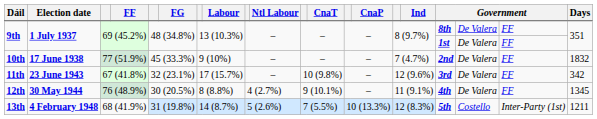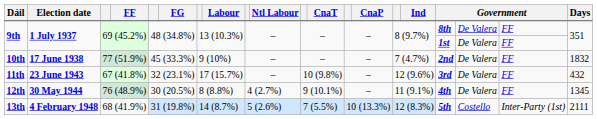 <table class="wikitable" style="font-size:95%;">
 <tr style="text-align: center; background: #efefefefefef; border-bottom: 2px solid gray;">
 <th>Dáil</th>
 <th>Election date</th>
 <th style="background-color: "></th>
 <th><a href='#'>FF</a></th>
 <th style="background-color: "></th>
 <th><a href='#'>FG</a></th>
 <th style="background-color: "></th>
 <th><a href='#'>Labour</a></th>
 <th style="background-color: "></th>
 <th><a href='#'>Ntl Labour</a></th>
 <th style="background-color: "></th>
 <th><a href='#'>CnaT</a></th>
 <th style="background-color: "></th>
 <th><a href='#'>CnaP</a></th>
 <th style="background-color: "></th>
 <th><a href='#'>Ind</a></th>
 <th colspan=3><em>Government</em></th>
 <th>Days</th>
 </tr>
 <tr style="line-height:16px;">
 <td rowspan=2><strong><a href='#'>9th</a></strong></td>
 <td rowspan=2><strong><a href='#'>1 July 1937</a></strong></td>
 <td rowspan=2 colspan=2 style="background-color: #DEFFDE">69 (45.2%)</td>
 <td rowspan=2 colspan=2>48 (34.8%)</td>
 <td rowspan=2 colspan=2>13 (10.3%)</td>
 <td rowspan=2 colspan=2 align=center>–</td>
 <td rowspan=2 colspan=2 align=center>–</td>
 <td rowspan=2 colspan=2 align=center>–</td>
 <td rowspan=2 colspan=2>8 (9.7%)</td>
 <td><a href='#'><strong><em>8th</em></strong></a></td>
 <td><a href='#'><em>De Valera</em></a></td>
 <td><a href='#'><em>FF</em></a></td>
 <td rowspan=2>351</td>
 </tr>
 <tr style="line-height:16px;">
 <td><a href='#'><strong><em>1st</em></strong></a></td>
 <td><em>De Valera</em></td>
 <td><a href='#'><em>FF</em></a></td>
 </tr>
 <tr>
 <td><strong><a href='#'>10th</a></strong></td>
 <td><strong><a href='#'>17 June 1938</a></strong></td>
 <td colspan=2 style="background-color: #D0E8D8">77 (51.9%)</td>
 <td colspan=2>45 (33.3%)</td>
 <td colspan=2>9 (10%)</td>
 <td colspan=2 align=center>–</td>
 <td colspan=2 align=center>–</td>
 <td colspan=2 align=center>–</td>
 <td colspan=2>7 (4.7%)</td>
 <td><a href='#'><strong><em>2nd</em></strong></a></td>
 <td><em>De Valera</em></td>
 <td><a href='#'><em>FF</em></a></td>
 <td>1832</td>
 </tr>
 <tr>
 <td><strong><a href='#'>11th</a></strong></td>
 <td><strong><a href='#'>23 June 1943</a></strong></td>
 <td colspan=2 style="background-color: #DEFFDE">67 (41.8%)</td>
 <td colspan=2>32 (23.1%)</td>
 <td colspan=2>17 (15.7%)</td>
 <td colspan=2 align=center>–</td>
 <td colspan=2>10 (9.8%)</td>
 <td colspan=2 align=center>–</td>
 <td colspan=2>12 (9.6%)</td>
 <td><a href='#'><strong><em>3rd</em></strong></a></td>
 <td><em>De Valera</em></td>
 <td><a href='#'><em>FF</em></a></td>
-<td>342</td>
+<td>432</td>
 </tr>
 <tr>
 <td><strong><a href='#'>12th</a></strong></td>
 <td><strong><a href='#'>30 May 1944</a></strong></td>
 <td colspan=2 style="background-color: #D0E8D8">76 (48.9%)</td>
 <td colspan=2>30 (20.5%)</td>
 <td colspan=2>8 (8.8%)</td>
 <td colspan=2>4 (2.7%)</td>
 <td colspan=2>9 (10.1%)</td>
 <td colspan=2 align=center>–</td>
 <td colspan=2>11 (9.1%)</td>
 <td><a href='#'><strong><em>4th</em></strong></a></td>
 <td><em>De Valera</em></td>
 <td><a href='#'><em>FF</em></a></td>
 <td>1345</td>
 </tr>
 <tr>
 <td><strong><a href='#'>13th</a></strong></td>
 <td><strong><a href='#'>4 February 1948</a></strong></td>
 <td colspan=2>68 (41.9%)</td>
 <td colspan=2 style="background-color: #D0E8FF">31 (19.8%)</td>
 <td colspan=2 style="background-color: #D0E8FF">14 (8.7%)</td>
 <td colspan=2 style="background-color: #D0E8FF">5 (2.6%)</td>
 <td colspan=2 style="background-color: #D0E8FF">7 (5.5%)</td>
 <td colspan=2 style="background-color: #D0E8FF">10 (13.3%)</td>
 <td colspan=2 style="background-color: #D0E8FF">12 (8.3%)</td>
 <td><a href='#'><strong><em>5th</em></strong></a></td>
 <td><a href='#'><em>Costello</em></a></td>
 <td><em>Inter-Party (1st)</em></td>
-<td>1211</td>
+<td>2111</td>
 </tr>
 </table>
